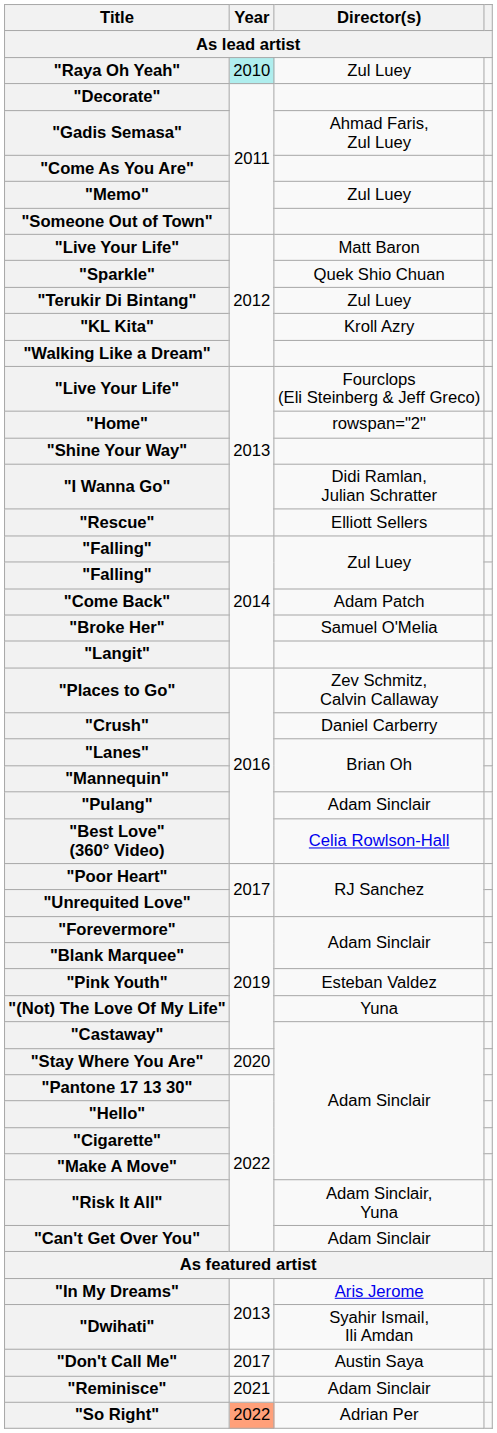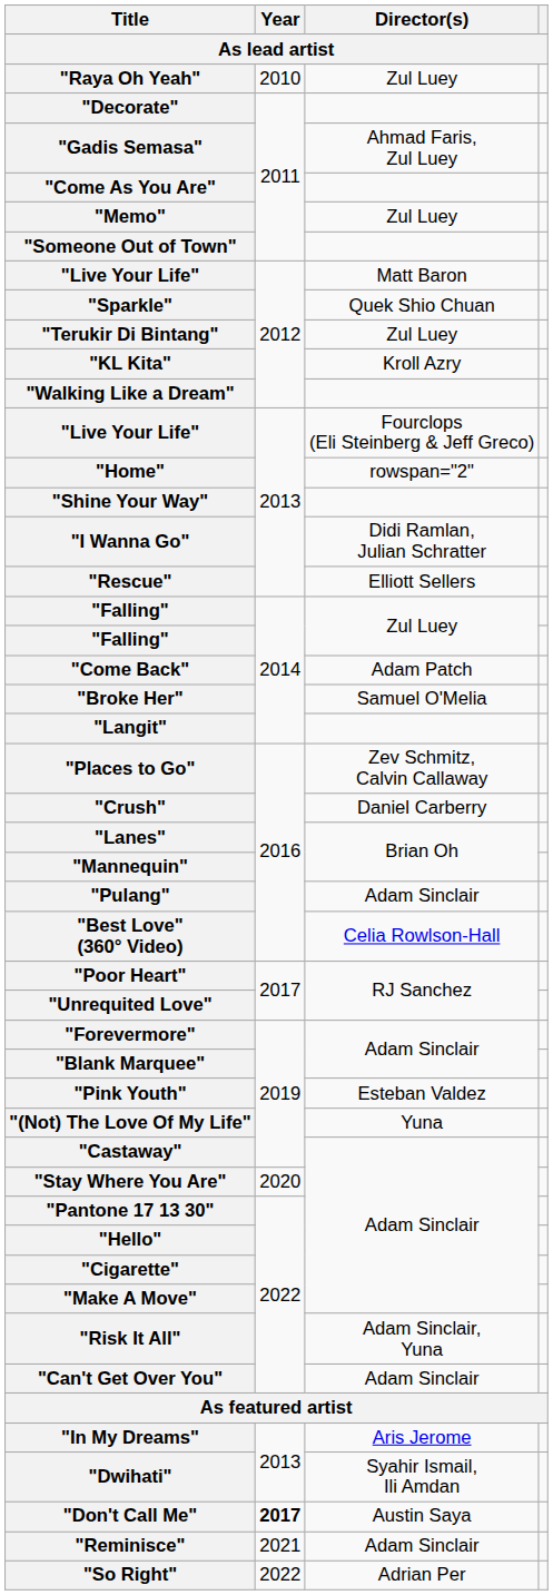 <table class="wikitable plainrowheaders" style="text-align:center">
 <tr>
 <th scope="col">Title</th>
 <th scope="col">Year</th>
 <th scope="col">Director(s)</th>
 <th scope="col"></th>
 </tr>
 <tr>
 <th scope="col" colspan="4">As lead artist</th>
 </tr>
 <tr>
 <th scope="row">"Raya Oh Yeah"</th>
-<td style="background: paleturquoise;">2010</td>
+<td>2010</td>
 <td>Zul Luey</td>
 <td></td>
 </tr>
 <tr>
 <th scope="row">"Decorate"</th>
 <td rowspan="5">2011</td>
 <td></td>
 <td></td>
 </tr>
 <tr>
 <th scope="row">"Gadis Semasa"</th>
 <td>Ahmad Faris,<br>Zul Luey</td>
 <td></td>
 </tr>
 <tr>
 <th scope="row">"Come As You Are"</th>
 <td></td>
 <td></td>
 </tr>
 <tr>
 <th scope="row">"Memo"</th>
 <td>Zul Luey</td>
 <td></td>
 </tr>
 <tr>
 <th scope="row">"Someone Out of Town"</th>
 <td></td>
 <td></td>
 </tr>
 <tr>
 <th scope="row">"Live Your Life"</th>
 <td rowspan="5">2012</td>
 <td>Matt Baron</td>
 <td></td>
 </tr>
 <tr>
 <th scope="row">"Sparkle"</th>
 <td>Quek Shio Chuan</td>
 <td></td>
 </tr>
 <tr>
 <th scope="row">"Terukir Di Bintang"</th>
 <td>Zul Luey</td>
 <td></td>
 </tr>
 <tr>
 <th scope="row">"KL Kita"<br></th>
 <td>Kroll Azry</td>
 <td></td>
 </tr>
 <tr>
 <th scope="row">"Walking Like a Dream"</th>
 <td></td>
 <td></td>
 </tr>
 <tr>
 <th scope="row">"Live Your Life"<br></th>
 <td rowspan="5">2013</td>
 <td>Fourclops<br><span>(Eli Steinberg & Jeff Greco)</span></td>
 <td></td>
 </tr>
 <tr>
 <th scope="row">"Home"</th>
 <td>rowspan="2" </td>
 <td></td>
 </tr>
 <tr>
 <th scope="row">"Shine Your Way"<br></th>
 <td></td>
 </tr>
 <tr>
 <th scope="row">"I Wanna Go"</th>
 <td>Didi Ramlan,<br>Julian Schratter</td>
 <td></td>
 </tr>
 <tr>
 <th scope="row">"Rescue"</th>
 <td>Elliott Sellers</td>
 <td></td>
 </tr>
 <tr>
 <th scope="row">"Falling"</th>
 <td rowspan="5">2014</td>
 <td rowspan=2>Zul Luey</td>
 <td></td>
 </tr>
 <tr>
 <th scope="row">"Falling" <br></th>
 <td></td>
 </tr>
 <tr>
 <th scope="row">"Come Back"</th>
 <td>Adam Patch</td>
 <td></td>
 </tr>
 <tr>
 <th scope="row">"Broke Her"</th>
 <td>Samuel O'Melia</td>
 <td></td>
 </tr>
 <tr>
 <th scope="row">"Langit"</th>
 <td></td>
 <td></td>
 </tr>
 <tr>
 <th scope="row">"Places to Go"</th>
 <td rowspan=6>2016</td>
 <td>Zev Schmitz,<br>Calvin Callaway</td>
 <td></td>
 </tr>
 <tr>
 <th scope="row">"Crush"<br></th>
 <td>Daniel Carberry</td>
 <td></td>
 </tr>
 <tr>
 <th scope="row">"Lanes"</th>
 <td rowspan=2>Brian Oh</td>
 <td></td>
 </tr>
 <tr>
 <th scope="row">"Mannequin"</th>
 <td></td>
 </tr>
 <tr>
 <th scope="row">"Pulang"<br></th>
 <td>Adam Sinclair</td>
 <td></td>
 </tr>
 <tr>
 <th scope="row">"Best Love"<br><span>(360°  Video)</span></th>
 <td><a href='#'>Celia Rowlson-Hall</a></td>
 <td></td>
 </tr>
 <tr>
 <th scope="row">"Poor Heart"</th>
 <td rowspan=2>2017</td>
 <td rowspan=2>RJ Sanchez</td>
 <td></td>
 </tr>
 <tr>
 <th scope="row">"Unrequited Love"</th>
 <td></td>
 </tr>
 <tr>
 <th scope="row">"Forevermore"</th>
 <td rowspan=5>2019</td>
 <td rowspan=2>Adam Sinclair</td>
 <td></td>
 </tr>
 <tr>
 <th scope="row">"Blank Marquee"<br></th>
 <td></td>
 </tr>
 <tr>
 <th scope="row">"Pink Youth"<br></th>
 <td>Esteban Valdez</td>
 <td></td>
 </tr>
 <tr>
 <th scope="row">"(Not) The Love Of My Life"</th>
 <td>Yuna</td>
 <td></td>
 </tr>
 <tr>
 <th scope="row">"Castaway" <br></th>
 <td rowspan=6>Adam Sinclair</td>
 <td></td>
 </tr>
 <tr>
 <th scope="row">"Stay Where You Are"</th>
 <td>2020</td>
 <td></td>
 </tr>
 <tr>
 <th scope="row">"Pantone 17 13 30"</th>
 <td rowspan=6>2022</td>
 <td></td>
 </tr>
 <tr>
 <th scope="row">"Hello"</th>
 <td></td>
 </tr>
 <tr>
 <th scope="row">"Cigarette"</th>
 <td></td>
 </tr>
 <tr>
 <th scope="row">"Make A Move"</th>
 <td></td>
 </tr>
 <tr>
 <th scope="row">"Risk It All"</th>
 <td>Adam Sinclair,<br>Yuna</td>
 <td></td>
 </tr>
 <tr>
 <th scope="row">"Can't Get Over You"</th>
 <td>Adam Sinclair</td>
 <td></td>
 </tr>
 <tr>
 <th scope="col" colspan="4">As featured artist</th>
 </tr>
 <tr>
 <th scope="row">"In My Dreams"<br></th>
 <td rowspan=2>2013</td>
 <td><a href='#'>Aris Jerome</a></td>
 <td></td>
 </tr>
 <tr>
 <th scope="row">"Dwihati"<br></th>
 <td>Syahir Ismail,<br>Ili Amdan</td>
 <td></td>
 </tr>
 <tr>
 <th scope="row">"Don't Call Me"<br></th>
-<td>2017</td>
+<td><strong>2017</strong></td>
 <td>Austin Saya</td>
 <td></td>
 </tr>
 <tr>
 <th scope="row">"Reminisce"<br></th>
 <td>2021</td>
 <td>Adam Sinclair</td>
 <td></td>
 </tr>
 <tr>
 <th scope="row">"So Right"<br></th>
-<td style="background: lightsalmon;">2022</td>
+<td>2022</td>
 <td>Adrian Per</td>
 <td></td>
 </tr>
 </table>
